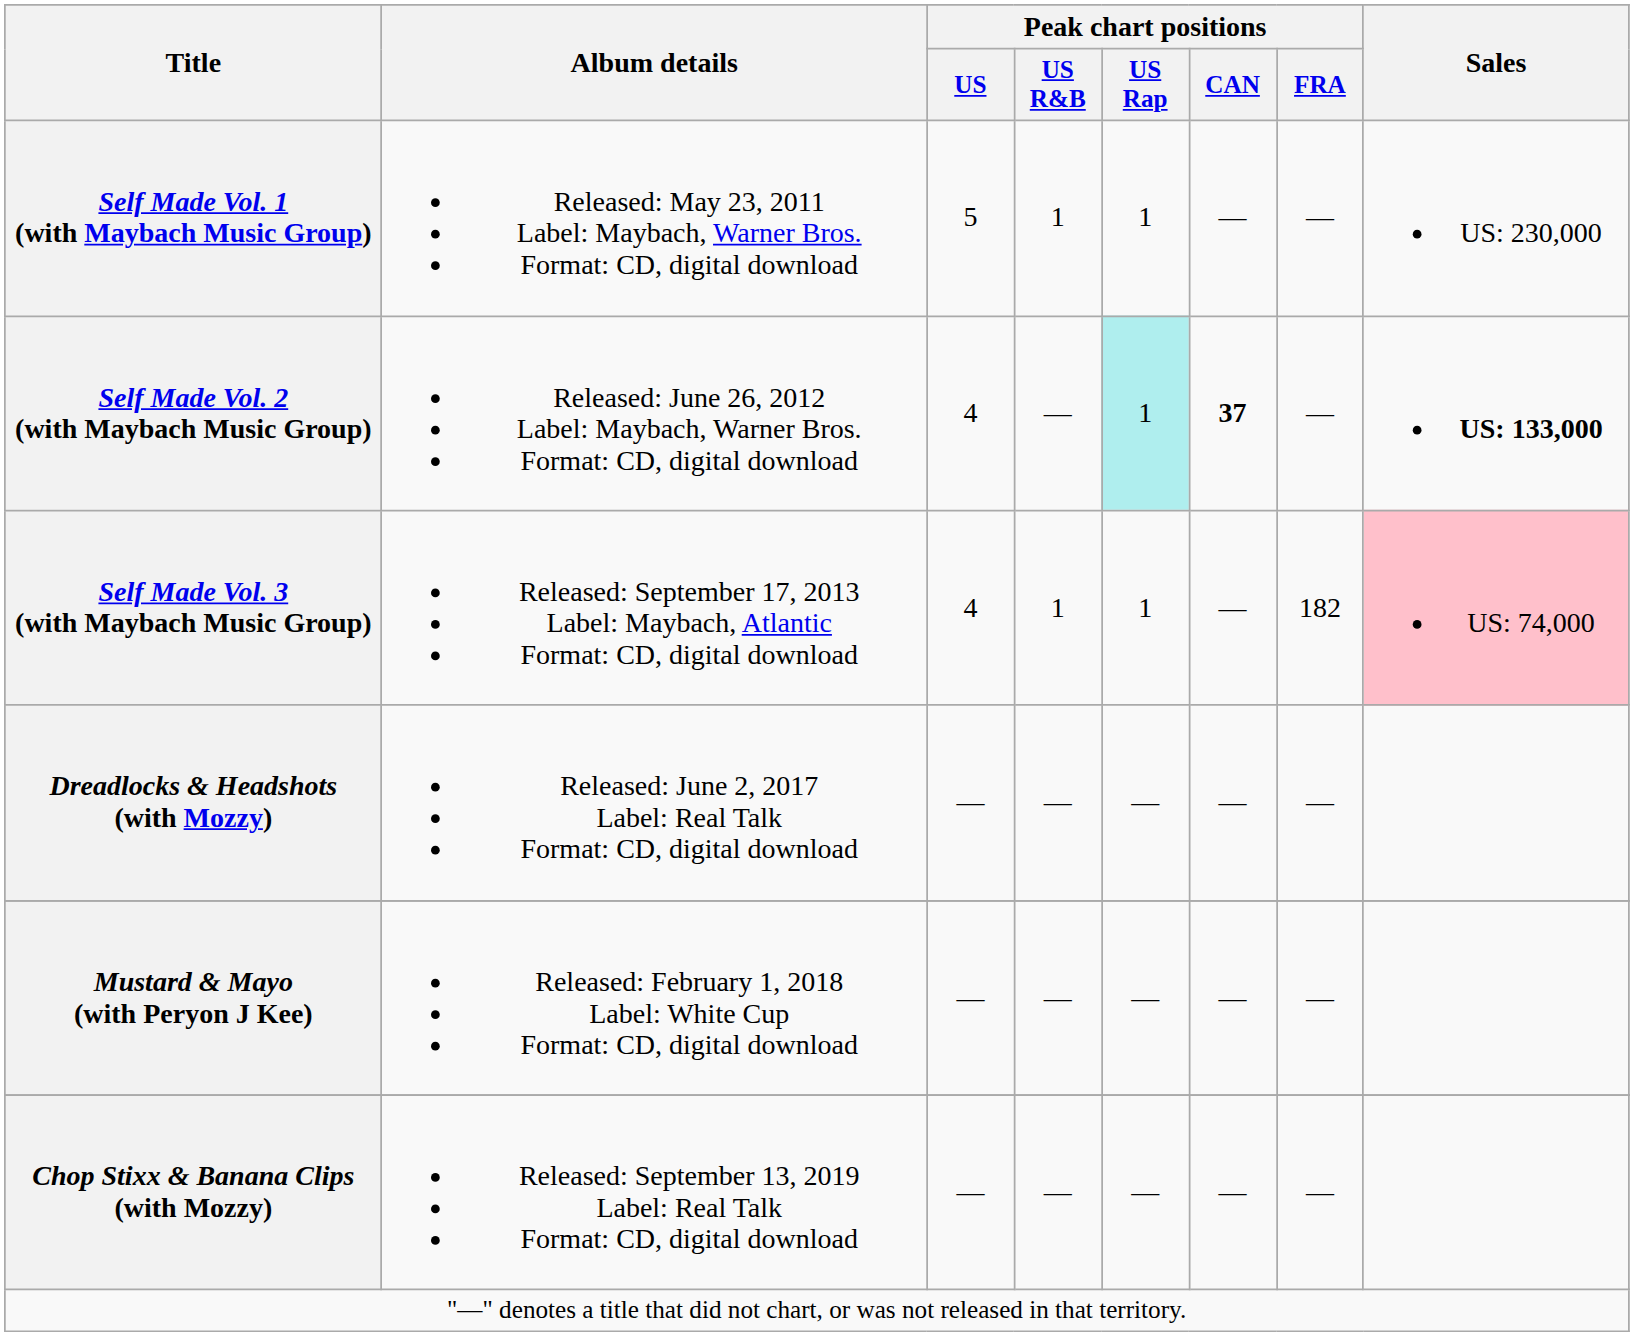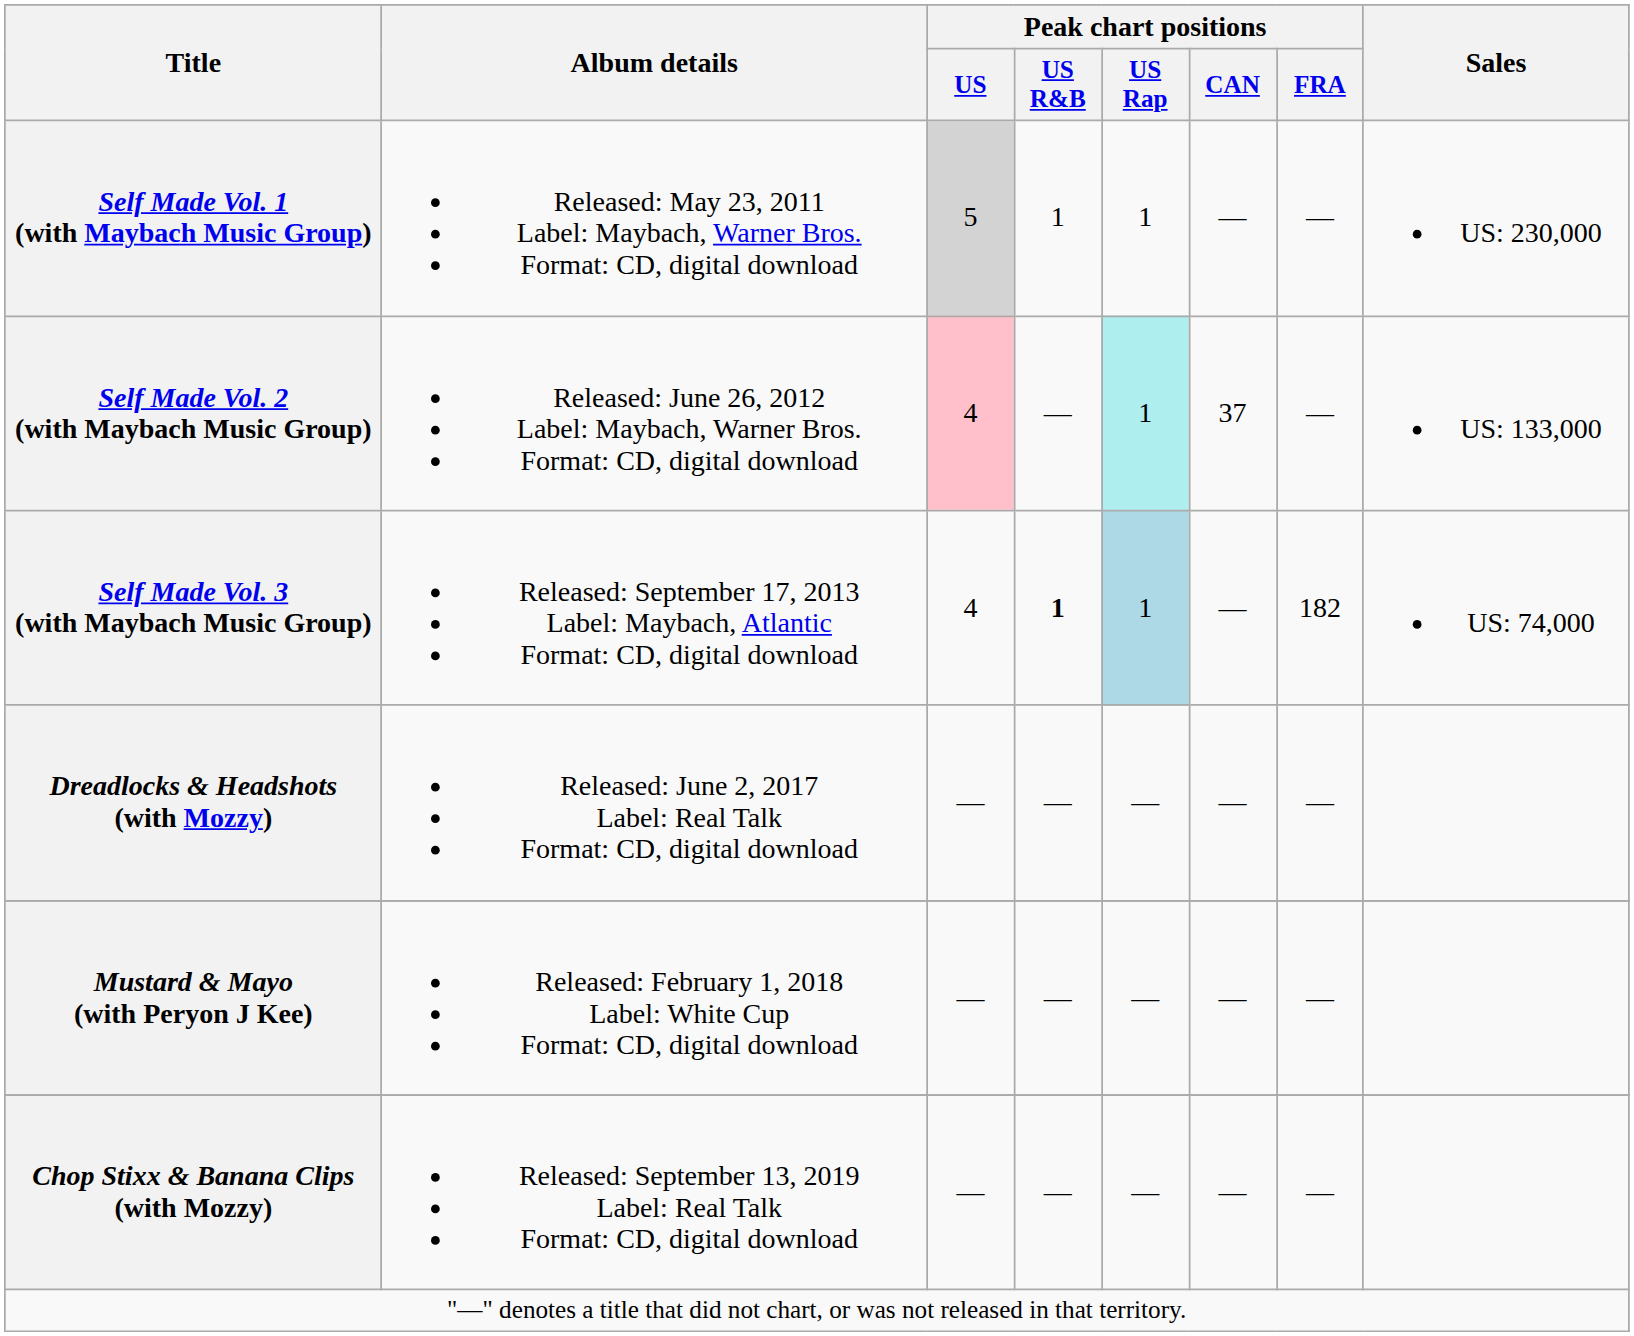 <table class="wikitable plainrowheaders" style="text-align:center;">
 <tr>
 <th scope="col" rowspan="2" style="width:13em;">Title</th>
 <th scope="col" rowspan="2" style="width:19em;">Album details</th>
 <th scope="col" colspan="5">Peak chart positions</th>
 <th scope="col" rowspan="2" style="width:9em;">Sales</th>
 </tr>
 <tr>
 <th scope="col" style="width:3em;font-size:90%;"><a href='#'>US</a> <br></th>
 <th scope="col" style="width:3em;font-size:90%;"><a href='#'>US R&B</a> <br></th>
 <th scope="col" style="width:3em;font-size:90%;"><a href='#'>US Rap</a> <br></th>
 <th scope="col" style="width:3em;font-size:90%;"><a href='#'>CAN</a><br></th>
 <th style="width:3em; font-size:90%"><a href='#'>FRA</a><br></th>
 </tr>
 <tr>
 <th scope="row"><em><a href='#'>Self Made Vol. 1</a></em> <br><span>(with <a href='#'>Maybach Music Group</a>)</span></th>
 <td><br><ul><li>Released: May 23, 2011</li><li>Label: Maybach, <a href='#'>Warner Bros.</a></li><li>Format: CD, digital download</li></ul></td>
-<td>5</td>
+<td style="background: lightgrey;">5</td>
 <td>1</td>
 <td>1</td>
 <td>—</td>
 <td>—</td>
 <td><br><ul><li>US: 230,000</li></ul></td>
 </tr>
 <tr>
 <th scope="row"><em><a href='#'>Self Made Vol. 2</a></em> <br><span>(with Maybach Music Group)</span></th>
 <td><br><ul><li>Released: June 26, 2012</li><li>Label: Maybach, Warner Bros.</li><li>Format: CD, digital download</li></ul></td>
-<td>4</td>
+<td style="background: pink;">4</td>
 <td>—</td>
 <td style="background: paleturquoise;">1</td>
-<td><strong>37</strong></td>
+<td>37</td>
 <td>—</td>
-<td><strong><br><ul><li>US: 133,000</li></ul></strong></td>
+<td><br><ul><li>US: 133,000</li></ul></td>
 </tr>
 <tr>
 <th scope="row"><em><a href='#'>Self Made Vol. 3</a></em> <br><span>(with Maybach Music Group)</span></th>
 <td><br><ul><li>Released: September 17, 2013</li><li>Label: Maybach, <a href='#'>Atlantic</a></li><li>Format: CD, digital download</li></ul></td>
 <td>4</td>
-<td>1</td>
-<td>1</td>
+<td><strong>1</strong></td>
+<td style="background: lightblue;">1</td>
 <td>—</td>
 <td>182</td>
-<td style="background: pink;"><br><ul><li>US: 74,000</li></ul></td>
+<td><br><ul><li>US: 74,000</li></ul></td>
 </tr>
 <tr>
 <th scope="row"><em>Dreadlocks & Headshots</em> <br><span>(with <a href='#'>Mozzy</a>)</span></th>
 <td><br><ul><li>Released: June 2, 2017</li><li>Label: Real Talk</li><li>Format: CD, digital download</li></ul></td>
 <td>—</td>
 <td>—</td>
 <td>—</td>
 <td>—</td>
 <td>—</td>
 <td></td>
 </tr>
 <tr>
 </tr>
 <tr>
 <th scope="row"><em>Mustard & Mayo</em> <br><span>(with Peryon J Kee)</span></th>
 <td><br><ul><li>Released: February 1, 2018</li><li>Label: White Cup</li><li>Format: CD, digital download</li></ul></td>
 <td>—</td>
 <td>—</td>
 <td>—</td>
 <td>—</td>
 <td>—</td>
 <td></td>
 </tr>
 <tr>
 </tr>
 <tr>
 <th scope="row"><em>Chop Stixx & Banana Clips</em> <br><span>(with Mozzy)</span></th>
 <td><br><ul><li>Released: September 13, 2019</li><li>Label: Real Talk</li><li>Format: CD, digital download</li></ul></td>
 <td>—</td>
 <td>—</td>
 <td>—</td>
 <td>—</td>
 <td>—</td>
 <td></td>
 </tr>
 <tr>
 <td colspan="14" style="font-size:90%">"—" denotes a title that did not chart, or was not released in that territory.</td>
 </tr>
 </table>
